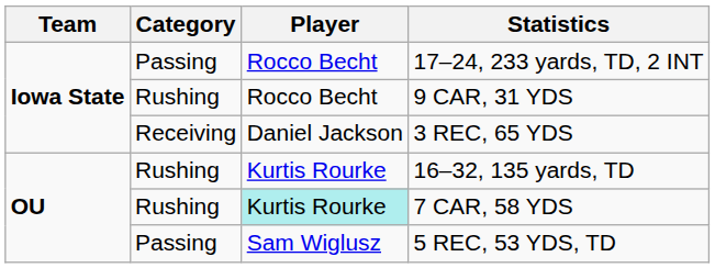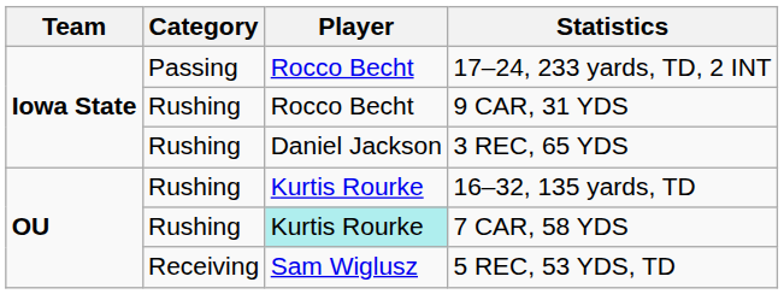 <table class="wikitable" style="float: right;">
 <tr>
 <th>Team</th>
 <th>Category</th>
 <th>Player</th>
 <th>Statistics</th>
 </tr>
 <tr>
 <td rowspan=3><strong>Iowa State</strong></td>
 <td>Passing</td>
 <td><a href='#'>Rocco Becht</a></td>
 <td>17–24, 233 yards, TD, 2 INT</td>
 </tr>
 <tr>
 <td>Rushing</td>
 <td>Rocco Becht</td>
 <td>9 CAR, 31 YDS</td>
 </tr>
 <tr>
-<td>Receiving</td>
+<td>Rushing</td>
 <td>Daniel Jackson</td>
 <td>3 REC, 65 YDS</td>
 </tr>
 <tr>
 <td rowspan=3><strong>OU</strong></td>
 <td>Rushing</td>
 <td><a href='#'>Kurtis Rourke</a></td>
 <td>16–32, 135 yards, TD</td>
 </tr>
 <tr>
 <td>Rushing</td>
 <td style="background: paleturquoise;">Kurtis Rourke</td>
 <td>7 CAR, 58 YDS</td>
 </tr>
 <tr>
-<td>Passing</td>
+<td>Receiving</td>
 <td><a href='#'>Sam Wiglusz</a></td>
 <td>5 REC, 53 YDS, TD</td>
 </tr>
 </table>
